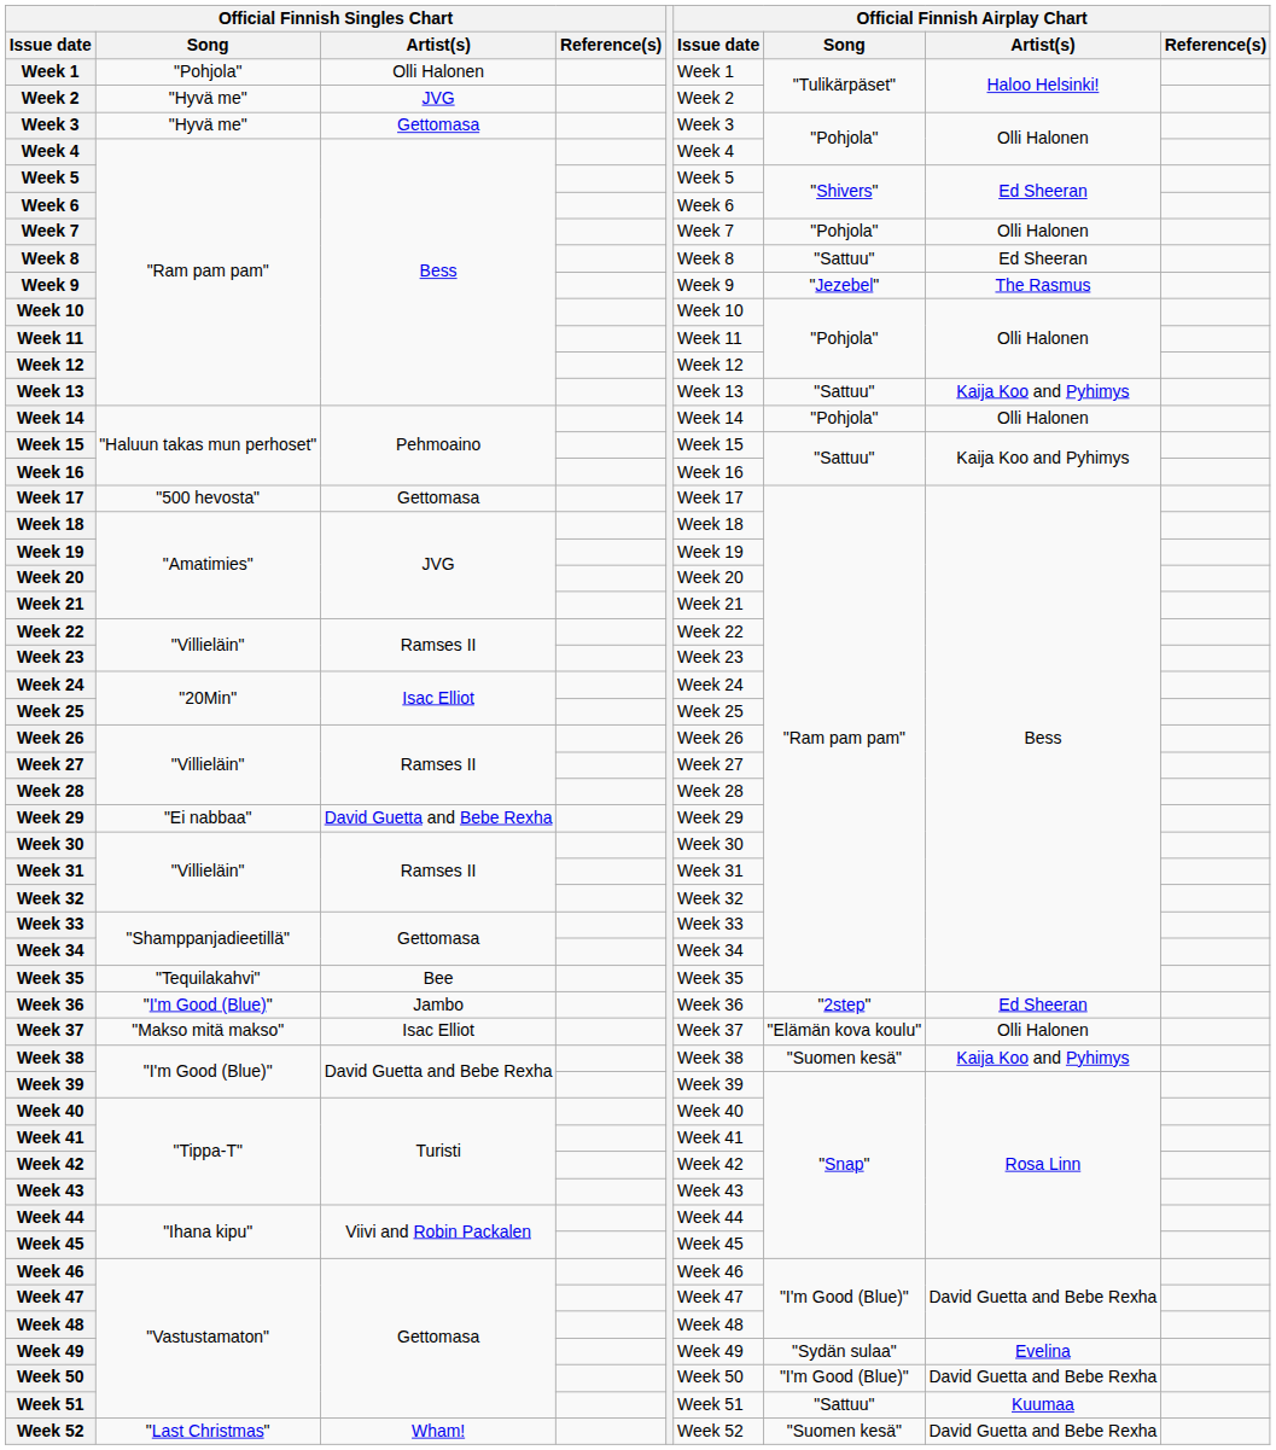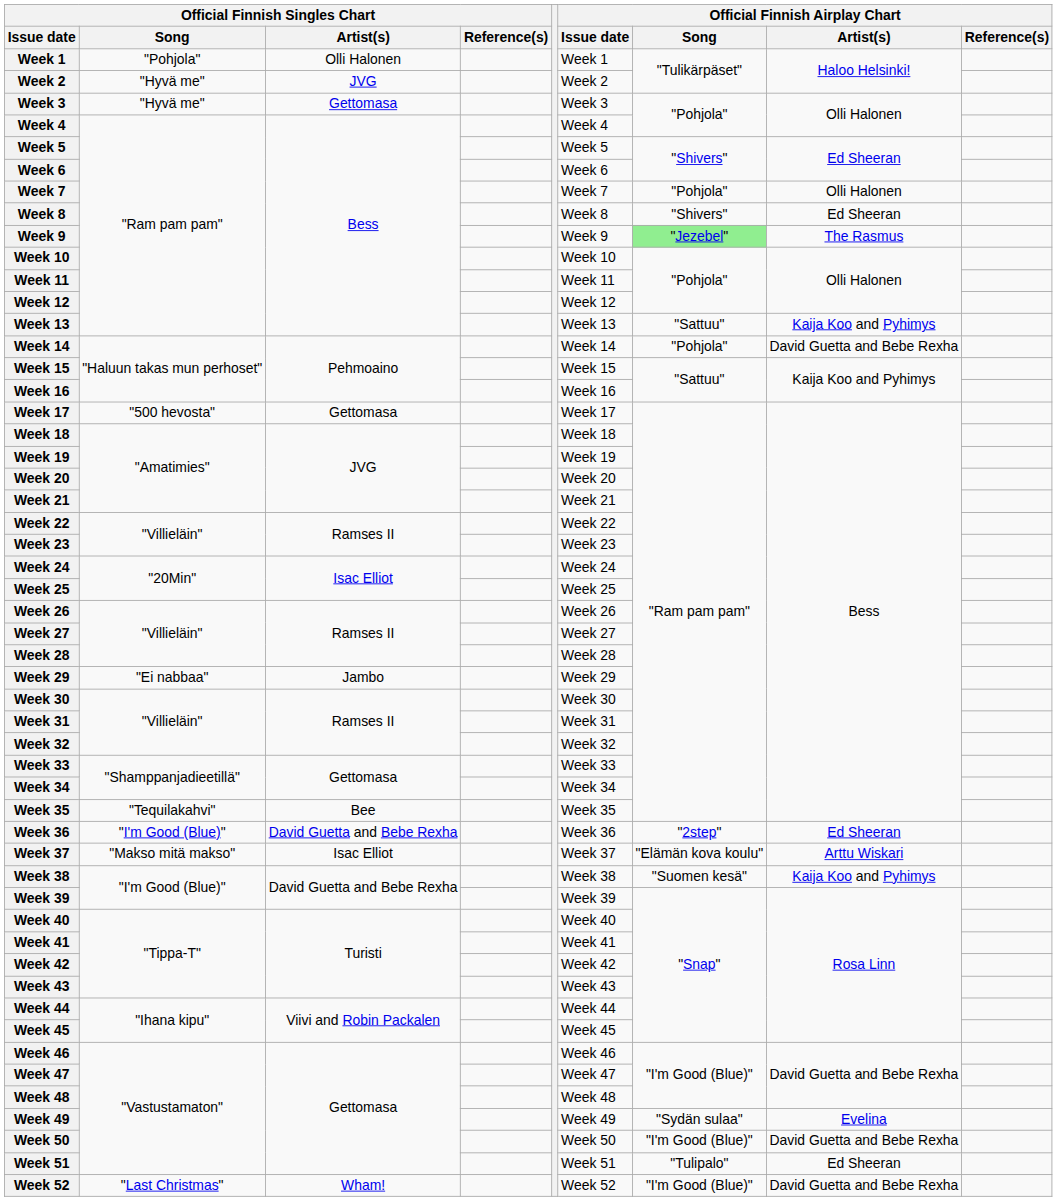 <table class="wikitable plainrowheaders" style="text-align:center">
 <tr>
 <th colspan="4">Official Finnish Singles Chart</th>
 <th colspan="1" rowspan="55"></th>
 <th colspan="4">Official Finnish Airplay Chart</th>
 </tr>
 <tr>
 <th>Issue date</th>
 <th>Song</th>
 <th>Artist(s)</th>
 <th>Reference(s)</th>
 <th>Issue date</th>
 <th>Song</th>
 <th>Artist(s)</th>
 <th>Reference(s)</th>
 </tr>
 <tr>
 <th scope="row">Week 1</th>
 <td>"Pohjola"</td>
 <td>Olli Halonen</td>
 <td></td>
 <td style="text-align: left;">Week 1</td>
 <td rowspan="2">"Tulikärpäset"</td>
 <td rowspan="2"><a href='#'>Haloo Helsinki!</a></td>
 <td></td>
 </tr>
 <tr>
 <th scope="row">Week 2</th>
 <td>"Hyvä me"</td>
 <td><a href='#'>JVG</a></td>
 <td></td>
 <td style="text-align: left;">Week 2</td>
 <td></td>
 </tr>
 <tr>
 <th scope="row">Week 3</th>
 <td>"Hyvä me"</td>
 <td><a href='#'>Gettomasa</a></td>
 <td></td>
 <td style="text-align: left;">Week 3</td>
 <td rowspan="2">"Pohjola"</td>
 <td rowspan="2">Olli Halonen</td>
 <td></td>
 </tr>
 <tr>
 <th scope="row">Week 4</th>
 <td rowspan="10">"Ram pam pam"</td>
 <td rowspan="10"><a href='#'>Bess</a></td>
 <td></td>
 <td style="text-align: left;">Week 4</td>
 <td></td>
 </tr>
 <tr>
 <th scope="row">Week 5</th>
 <td></td>
 <td style="text-align: left;">Week 5</td>
 <td rowspan="2">"<a href='#'>Shivers</a>"</td>
 <td rowspan="2"><a href='#'>Ed Sheeran</a></td>
 <td></td>
 </tr>
 <tr>
 <th scope="row">Week 6</th>
 <td></td>
 <td style="text-align: left;">Week 6</td>
 <td></td>
 </tr>
 <tr>
 <th scope="row">Week 7</th>
 <td></td>
 <td style="text-align: left;">Week 7</td>
 <td>"Pohjola"</td>
 <td>Olli Halonen</td>
 <td></td>
 </tr>
 <tr>
 <th scope="row">Week 8</th>
 <td></td>
 <td style="text-align: left;">Week 8</td>
-<td>"Sattuu"</td>
+<td>"Shivers"</td>
 <td>Ed Sheeran</td>
 <td></td>
 </tr>
 <tr>
 <th scope="row">Week 9</th>
 <td></td>
 <td style="text-align: left;">Week 9</td>
-<td>"<a href='#'>Jezebel</a>"</td>
+<td style="background: lightgreen;">"<a href='#'>Jezebel</a>"</td>
 <td><a href='#'>The Rasmus</a></td>
 <td></td>
 </tr>
 <tr>
 <th scope="row">Week 10</th>
 <td></td>
 <td style="text-align: left;">Week 10</td>
 <td rowspan="3">"Pohjola"</td>
 <td rowspan="3">Olli Halonen</td>
 <td></td>
 </tr>
 <tr>
 <th scope="row">Week 11</th>
 <td></td>
 <td style="text-align: left;">Week 11</td>
 <td></td>
 </tr>
 <tr>
 <th scope="row">Week 12</th>
 <td></td>
 <td style="text-align: left;">Week 12</td>
 <td></td>
 </tr>
 <tr>
 <th scope="row">Week 13</th>
 <td></td>
 <td style="text-align: left;">Week 13</td>
 <td>"Sattuu"</td>
 <td><a href='#'>Kaija Koo</a> and <a href='#'>Pyhimys</a></td>
 <td></td>
 </tr>
 <tr>
 <th scope="row">Week 14</th>
 <td rowspan="3">"Haluun takas mun perhoset"</td>
 <td rowspan="3">Pehmoaino</td>
 <td></td>
 <td style="text-align: left;">Week 14</td>
 <td>"Pohjola"</td>
-<td>Olli Halonen</td>
+<td>David Guetta and Bebe Rexha</td>
 <td></td>
 </tr>
 <tr>
 <th scope="row">Week 15</th>
 <td></td>
 <td style="text-align: left;">Week 15</td>
 <td rowspan="2">"Sattuu"</td>
 <td rowspan="2">Kaija Koo and Pyhimys</td>
 <td></td>
 </tr>
 <tr>
 <th scope="row">Week 16</th>
 <td></td>
 <td style="text-align: left;">Week 16</td>
 <td></td>
 </tr>
 <tr>
 <th scope="row">Week 17</th>
 <td>"500 hevosta"</td>
 <td>Gettomasa</td>
 <td></td>
 <td style="text-align: left;">Week 17</td>
 <td rowspan="19">"Ram pam pam"</td>
 <td rowspan="19">Bess</td>
 <td></td>
 </tr>
 <tr>
 <th scope="row">Week 18</th>
 <td rowspan="4">"Amatimies"</td>
 <td rowspan="4">JVG</td>
 <td></td>
 <td style="text-align: left;">Week 18</td>
 <td></td>
 </tr>
 <tr>
 <th scope="row">Week 19</th>
 <td></td>
 <td style="text-align: left;">Week 19</td>
 <td></td>
 </tr>
 <tr>
 <th scope="row">Week 20</th>
 <td></td>
 <td style="text-align: left;">Week 20</td>
 <td></td>
 </tr>
 <tr>
 <th scope="row">Week 21</th>
 <td></td>
 <td style="text-align: left;">Week 21</td>
 <td></td>
 </tr>
 <tr>
 <th scope="row">Week 22</th>
 <td rowspan="2">"Villieläin"</td>
 <td rowspan="2">Ramses II</td>
 <td></td>
 <td style="text-align: left;">Week 22</td>
 <td></td>
 </tr>
 <tr>
 <th scope="row">Week 23</th>
 <td></td>
 <td style="text-align: left;">Week 23</td>
 <td></td>
 </tr>
 <tr>
 <th scope="row">Week 24</th>
 <td rowspan="2">"20Min"</td>
 <td rowspan="2"><a href='#'>Isac Elliot</a><br></td>
 <td></td>
 <td style="text-align: left;">Week 24</td>
 <td></td>
 </tr>
 <tr>
 <th scope="row">Week 25</th>
 <td></td>
 <td style="text-align: left;">Week 25</td>
 <td></td>
 </tr>
 <tr>
 <th scope="row">Week 26</th>
 <td rowspan="3">"Villieläin"</td>
 <td rowspan="3">Ramses II</td>
 <td></td>
 <td style="text-align: left;">Week 26</td>
 <td></td>
 </tr>
 <tr>
 <th scope="row">Week 27</th>
 <td></td>
 <td style="text-align: left;">Week 27</td>
 <td></td>
 </tr>
 <tr>
 <th scope="row">Week 28</th>
 <td></td>
 <td style="text-align: left;">Week 28</td>
 <td></td>
 </tr>
 <tr>
 <th scope="row">Week 29</th>
 <td>"Ei nabbaa"</td>
-<td><a href='#'>David Guetta</a> and <a href='#'>Bebe Rexha</a></td>
+<td>Jambo<br></td>
 <td></td>
 <td style="text-align: left;">Week 29</td>
 <td></td>
 </tr>
 <tr>
 <th scope="row">Week 30</th>
 <td rowspan="3">"Villieläin"</td>
 <td rowspan="3">Ramses II</td>
 <td></td>
 <td style="text-align: left;">Week 30</td>
 <td></td>
 </tr>
 <tr>
 <th scope="row">Week 31</th>
 <td></td>
 <td style="text-align: left;">Week 31</td>
 <td></td>
 </tr>
 <tr>
 <th scope="row">Week 32</th>
 <td></td>
 <td style="text-align: left;">Week 32</td>
 <td></td>
 </tr>
 <tr>
 <th scope="row">Week 33</th>
 <td rowspan="2">"Shamppanjadieetillä"</td>
 <td rowspan="2">Gettomasa</td>
 <td></td>
 <td style="text-align: left;">Week 33</td>
 <td></td>
 </tr>
 <tr>
 <th scope="row">Week 34</th>
 <td></td>
 <td style="text-align: left;">Week 34</td>
 <td></td>
 </tr>
 <tr>
 <th scope="row">Week 35</th>
 <td>"Tequilakahvi"</td>
 <td>Bee</td>
 <td></td>
 <td style="text-align: left;">Week 35</td>
 <td></td>
 </tr>
 <tr>
 <th scope="row">Week 36</th>
 <td>"<a href='#'>I'm Good (Blue)</a>"</td>
-<td>Jambo<br></td>
+<td><a href='#'>David Guetta</a> and <a href='#'>Bebe Rexha</a></td>
 <td></td>
 <td style="text-align: left;">Week 36</td>
 <td>"<a href='#'>2step</a>"</td>
 <td><a href='#'>Ed Sheeran</a></td>
 <td></td>
 </tr>
 <tr>
 <th scope="row">Week 37</th>
 <td>"Makso mitä makso"</td>
 <td>Isac Elliot<br></td>
 <td></td>
 <td style="text-align: left;">Week 37</td>
 <td>"Elämän kova koulu"</td>
-<td>Olli Halonen</td>
+<td><a href='#'>Arttu Wiskari</a></td>
 <td></td>
 </tr>
 <tr>
 <th scope="row">Week 38</th>
 <td rowspan="2">"I'm Good (Blue)"</td>
 <td rowspan="2">David Guetta and Bebe Rexha</td>
 <td></td>
 <td style="text-align: left;">Week 38</td>
 <td>"Suomen kesä"</td>
 <td><a href='#'>Kaija Koo</a> and <a href='#'>Pyhimys</a></td>
 <td></td>
 </tr>
 <tr>
 <th scope="row">Week 39</th>
 <td></td>
 <td style="text-align: left;">Week 39</td>
 <td rowspan="7">"<a href='#'>Snap</a>"</td>
 <td rowspan="7"><a href='#'>Rosa Linn</a></td>
 <td></td>
 </tr>
 <tr>
 <th scope="row">Week 40</th>
 <td rowspan="4">"Tippa-T"</td>
 <td rowspan="4">Turisti<br></td>
 <td></td>
 <td style="text-align: left;">Week 40</td>
 <td></td>
 </tr>
 <tr>
 <th scope="row">Week 41</th>
 <td></td>
 <td style="text-align: left;">Week 41</td>
 <td></td>
 </tr>
 <tr>
 <th scope="row">Week 42</th>
 <td></td>
 <td style="text-align: left;">Week 42</td>
 <td></td>
 </tr>
 <tr>
 <th scope="row">Week 43</th>
 <td></td>
 <td style="text-align: left;">Week 43</td>
 <td></td>
 </tr>
 <tr>
 <th scope="row">Week 44</th>
 <td rowspan="2">"Ihana kipu"</td>
 <td rowspan="2">Viivi and <a href='#'>Robin Packalen</a></td>
 <td></td>
 <td style="text-align: left;">Week 44</td>
 <td></td>
 </tr>
 <tr>
 <th scope="row">Week 45</th>
 <td></td>
 <td style="text-align: left;">Week 45</td>
 <td></td>
 </tr>
 <tr>
 <th scope="row">Week 46</th>
 <td rowspan="6">"Vastustamaton"</td>
 <td rowspan="6">Gettomasa</td>
 <td></td>
 <td style="text-align: left;">Week 46</td>
 <td rowspan="3">"I'm Good (Blue)"</td>
 <td rowspan="3">David Guetta and Bebe Rexha</td>
 <td></td>
 </tr>
 <tr>
 <th scope="row">Week 47</th>
 <td></td>
 <td style="text-align: left;">Week 47</td>
 <td></td>
 </tr>
 <tr>
 <th scope="row">Week 48</th>
 <td></td>
 <td style="text-align: left;">Week 48</td>
 <td></td>
 </tr>
 <tr>
 <th scope="row">Week 49</th>
 <td></td>
 <td style="text-align: left;">Week 49</td>
 <td>"Sydän sulaa"</td>
 <td><a href='#'>Evelina</a></td>
 <td></td>
 </tr>
 <tr>
 <th scope="row">Week 50</th>
 <td></td>
 <td style="text-align: left;">Week 50</td>
 <td>"I'm Good (Blue)"</td>
 <td>David Guetta and Bebe Rexha</td>
 <td></td>
 </tr>
 <tr>
 <th scope="row">Week 51</th>
 <td></td>
 <td style="text-align: left;">Week 51</td>
-<td>"Sattuu"</td>
-<td><a href='#'>Kuumaa</a></td>
+<td>"Tulipalo"</td>
+<td>Ed Sheeran</td>
 <td></td>
 </tr>
 <tr>
 <th scope="row">Week 52</th>
 <td>"<a href='#'>Last Christmas</a>"</td>
 <td><a href='#'>Wham!</a></td>
 <td></td>
 <td style="text-align: left;">Week 52</td>
-<td>"Suomen kesä"</td>
+<td>"I'm Good (Blue)"</td>
 <td>David Guetta and Bebe Rexha</td>
 <td></td>
 </tr>
 </table>
